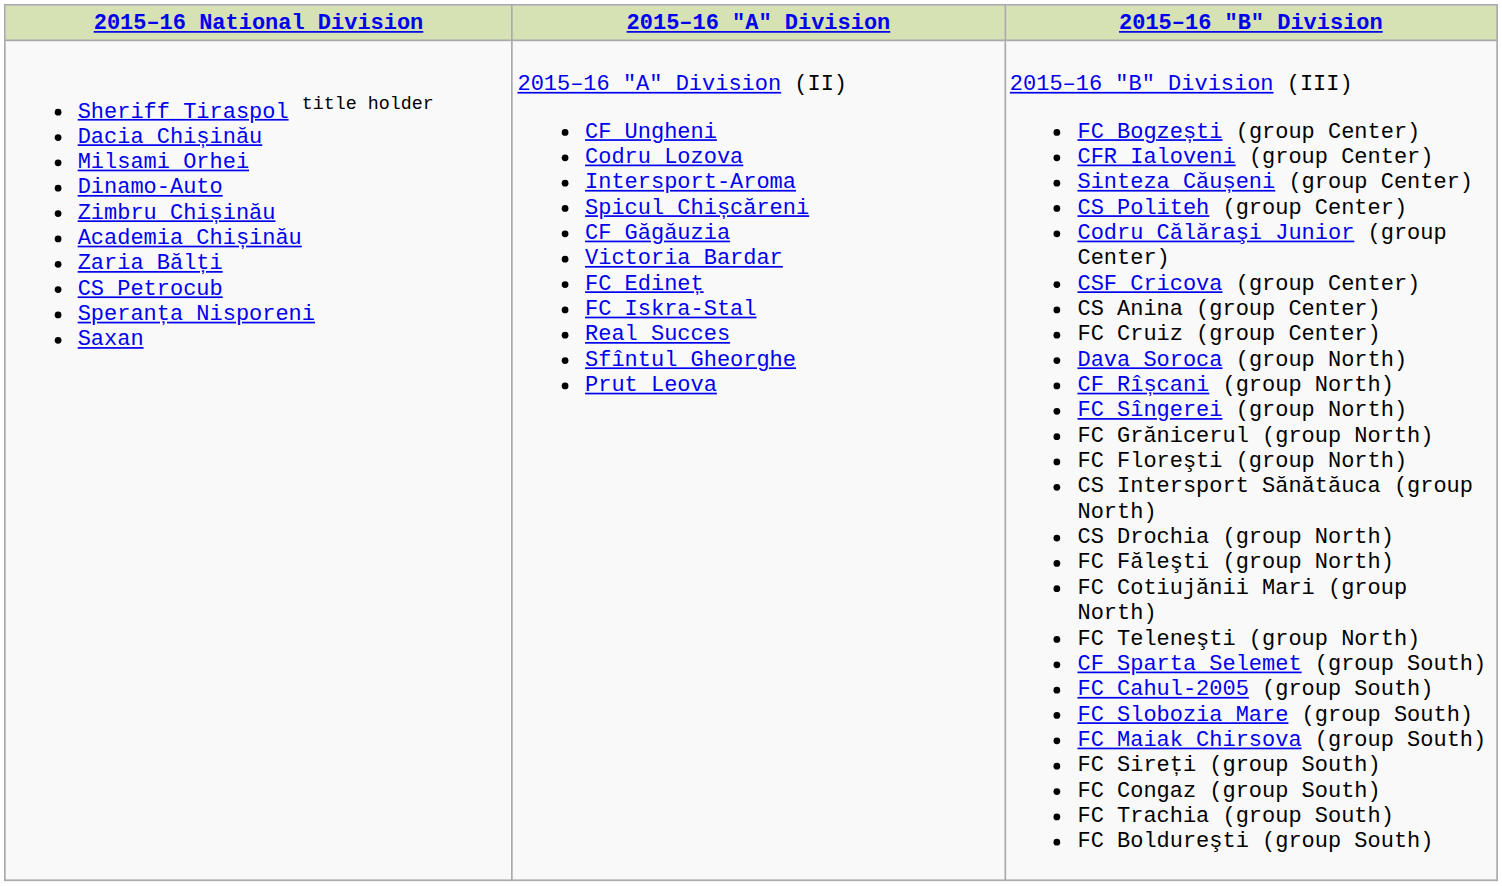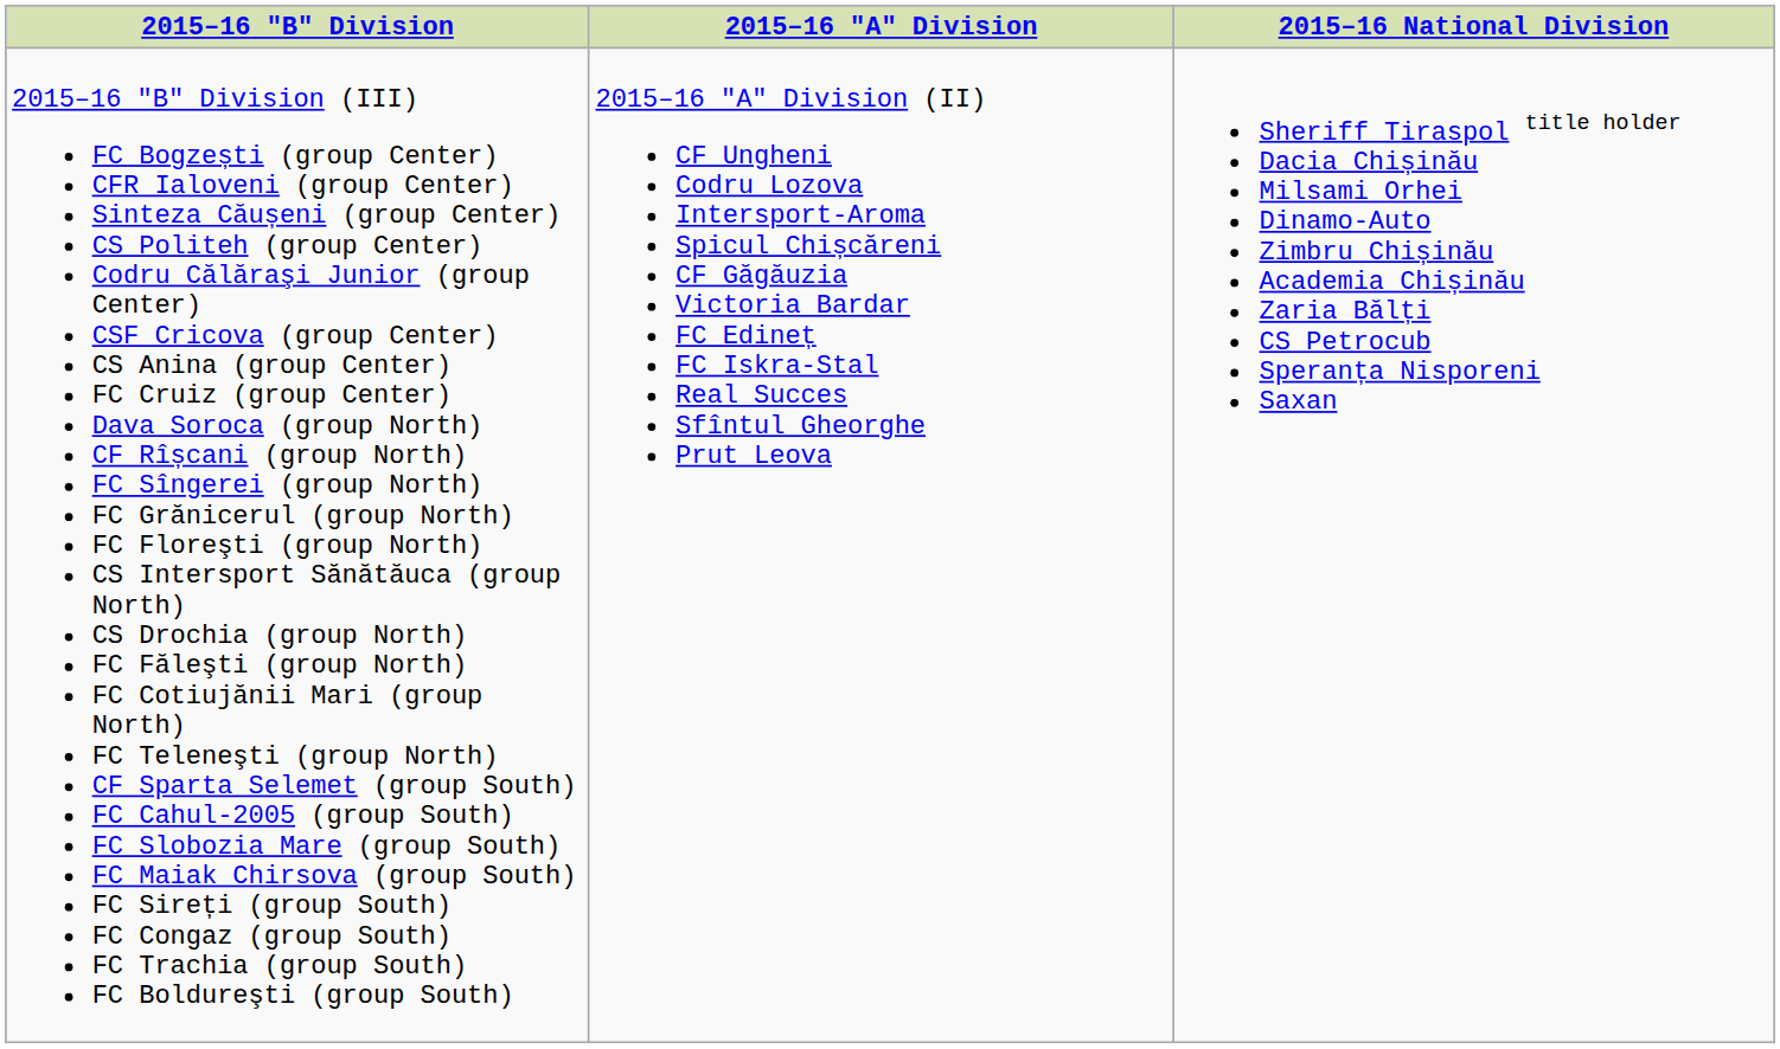 <table class="wikitable" style="width:100%">
 <tr style="vertical-align:top; background:#d6e2b3; text-align:center;">
+<td style="width:33%;"><strong><a href='#'>2015–16 "B" Division</a></strong></td>
+<td style="width:33%;"><strong><a href='#'>2015–16 "A" Division</a></strong></td>
 <td style="width:34%;"><strong><a href='#'>2015–16 National Division</a></strong></td>
-<td style="width:33%;"><strong><a href='#'>2015–16 "A" Division</a></strong></td>
-<td style="width:33%;"><strong><a href='#'>2015–16 "B" Division</a></strong></td>
 </tr>
 <tr valign="top">
+<td><br><a href='#'>2015–16 "B" Division</a> (III)<ul><li><a href='#'>FC Bogzești</a> (group Center)</li><li><a href='#'>CFR Ialoveni</a> (group Center)</li><li><a href='#'>Sinteza Căușeni</a> (group Center)</li><li><a href='#'>CS Politeh</a> (group Center)</li><li><a href='#'>Codru Călăraşi Junior</a> (group Center)</li><li><a href='#'>CSF Cricova</a> (group Center)</li><li>CS Anina (group Center)</li><li>FC Cruiz (group Center)</li><li><a href='#'>Dava Soroca</a> (group North)</li><li><a href='#'>CF Rîșcani</a> (group North)</li><li><a href='#'>FC Sîngerei</a> (group North)</li><li>FC Grănicerul (group North)</li><li>FC Floreşti (group North)</li><li>CS Intersport Sănătăuca (group North)</li><li>CS Drochia (group North)</li><li>FC Făleşti (group North)</li><li>FC Cotiujănii Mari (group North)</li><li>FC Teleneşti (group North)</li><li><a href='#'>CF Sparta Selemet</a> (group South)</li><li><a href='#'>FC Cahul-2005</a> (group South)</li><li><a href='#'>FC Slobozia Mare</a> (group South)</li><li><a href='#'>FC Maiak Chirsova</a> (group South)</li><li>FC Sireți (group South)</li><li>FC Congaz (group South)</li><li>FC Trachia (group South)</li><li>FC Boldureşti (group South)</li></ul></td>
+<td><br><a href='#'>2015–16 "A" Division</a> (II)<ul><li><a href='#'>CF Ungheni</a></li><li><a href='#'>Codru Lozova</a></li><li><a href='#'>Intersport-Aroma</a></li><li><a href='#'>Spicul Chișcăreni</a></li><li><a href='#'>CF Găgăuzia</a></li><li><a href='#'>Victoria Bardar</a></li><li><a href='#'>FC Edineț</a></li><li><a href='#'>FC Iskra-Stal</a></li><li><a href='#'>Real Succes</a></li><li><a href='#'>Sfîntul Gheorghe</a></li><li><a href='#'>Prut Leova</a></li></ul></td>
 <td><br><ul><li><a href='#'>Sheriff Tiraspol</a> <sup>title holder</sup></li><li><a href='#'>Dacia Chișinău</a></li><li><a href='#'>Milsami Orhei</a></li><li><a href='#'>Dinamo-Auto</a></li><li><a href='#'>Zimbru Chișinău</a></li><li><a href='#'>Academia Chișinău</a></li><li><a href='#'>Zaria Bălți</a></li><li><a href='#'>CS Petrocub</a></li><li><a href='#'>Speranța Nisporeni</a></li><li><a href='#'>Saxan</a></li></ul></td>
-<td><br><a href='#'>2015–16 "A" Division</a> (II)<ul><li><a href='#'>CF Ungheni</a></li><li><a href='#'>Codru Lozova</a></li><li><a href='#'>Intersport-Aroma</a></li><li><a href='#'>Spicul Chișcăreni</a></li><li><a href='#'>CF Găgăuzia</a></li><li><a href='#'>Victoria Bardar</a></li><li><a href='#'>FC Edineț</a></li><li><a href='#'>FC Iskra-Stal</a></li><li><a href='#'>Real Succes</a></li><li><a href='#'>Sfîntul Gheorghe</a></li><li><a href='#'>Prut Leova</a></li></ul></td>
-<td><br><a href='#'>2015–16 "B" Division</a> (III)<ul><li><a href='#'>FC Bogzești</a> (group Center)</li><li><a href='#'>CFR Ialoveni</a> (group Center)</li><li><a href='#'>Sinteza Căușeni</a> (group Center)</li><li><a href='#'>CS Politeh</a> (group Center)</li><li><a href='#'>Codru Călăraşi Junior</a> (group Center)</li><li><a href='#'>CSF Cricova</a> (group Center)</li><li>CS Anina (group Center)</li><li>FC Cruiz (group Center)</li><li><a href='#'>Dava Soroca</a> (group North)</li><li><a href='#'>CF Rîșcani</a> (group North)</li><li><a href='#'>FC Sîngerei</a> (group North)</li><li>FC Grănicerul (group North)</li><li>FC Floreşti (group North)</li><li>CS Intersport Sănătăuca (group North)</li><li>CS Drochia (group North)</li><li>FC Făleşti (group North)</li><li>FC Cotiujănii Mari (group North)</li><li>FC Teleneşti (group North)</li><li><a href='#'>CF Sparta Selemet</a> (group South)</li><li><a href='#'>FC Cahul-2005</a> (group South)</li><li><a href='#'>FC Slobozia Mare</a> (group South)</li><li><a href='#'>FC Maiak Chirsova</a> (group South)</li><li>FC Sireți (group South)</li><li>FC Congaz (group South)</li><li>FC Trachia (group South)</li><li>FC Boldureşti (group South)</li></ul></td>
 </tr>
 </table>
